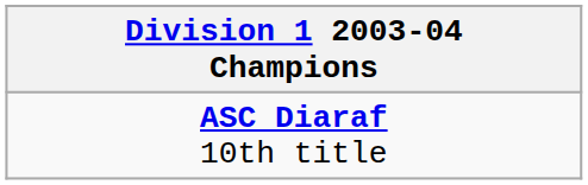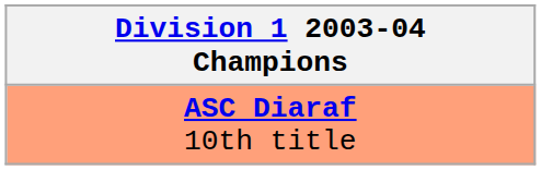 <table class="wikitable" style="margin: 0 auto; width: 240px;">
 <tr>
 <th><a href='#'>Division 1</a> 2003-04<br>Champions</th>
 </tr>
 <tr>
-<td align=center><strong><a href='#'>ASC Diaraf</a></strong><br>10th title</td>
+<td align=center style="background: lightsalmon;"><strong><a href='#'>ASC Diaraf</a></strong><br>10th title</td>
 </tr>
 </table>
